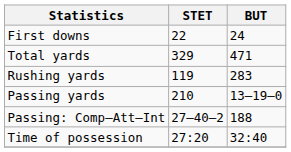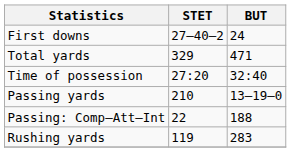 <table class="wikitable" style="float: left;">
 <tr>
 <th>Statistics</th>
 <th>STET</th>
 <th>BUT</th>
 </tr>
 <tr>
 <td>First downs</td>
-<td>22</td>
+<td>27–40–2</td>
 <td>24</td>
 </tr>
 <tr>
 <td>Total yards</td>
 <td>329</td>
 <td>471</td>
 </tr>
 <tr>
-<td>Rushing yards</td>
-<td>119</td>
-<td>283</td>
+<td>Time of possession</td>
+<td>27:20</td>
+<td>32:40</td>
 </tr>
 <tr>
 <td>Passing yards</td>
 <td>210</td>
 <td>13–19–0</td>
 </tr>
 <tr>
 <td>Passing: Comp–Att–Int</td>
-<td>27–40–2</td>
+<td>22</td>
 <td>188</td>
 </tr>
 <tr>
-<td>Time of possession</td>
-<td>27:20</td>
-<td>32:40</td>
+<td>Rushing yards</td>
+<td>119</td>
+<td>283</td>
 </tr>
 <tr>
 </tr>
 </table>
